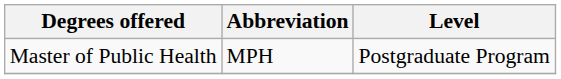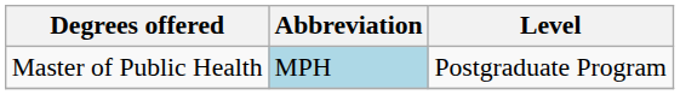 <table class="wikitable">
 <tr>
 <th>Degrees offered</th>
 <th>Abbreviation</th>
 <th>Level</th>
 </tr>
 <tr>
 <td>Master of Public Health</td>
-<td>MPH</td>
+<td style="background: lightblue;">MPH</td>
 <td>Postgraduate Program</td>
 </tr>
 <tr>
 </tr>
 </table>
